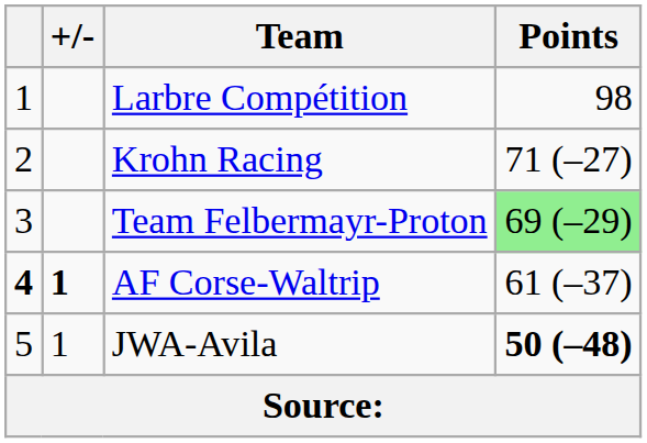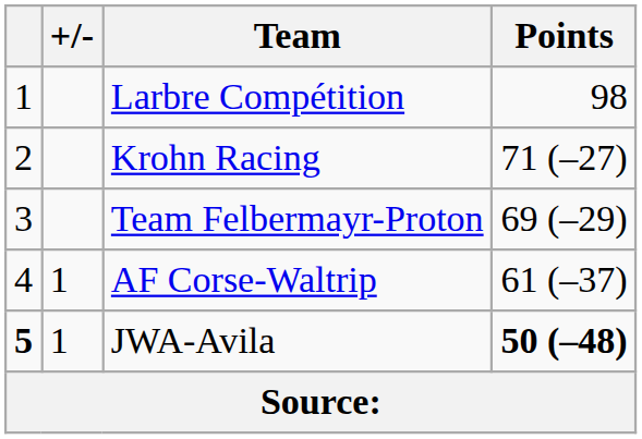 <table class="wikitable" style="font-size: 95%;">
 <tr>
 <th scope="col"></th>
 <th scope="col">+/-</th>
 <th scope="col">Team</th>
 <th scope="col">Points</th>
 </tr>
 <tr>
 <td align="center">1</td>
 <td align="left"></td>
 <td> <a href='#'>Larbre Compétition</a></td>
 <td align="right">98</td>
 </tr>
 <tr>
 <td align="center">2</td>
 <td align="left"></td>
 <td> <a href='#'>Krohn Racing</a></td>
 <td align="right">71 (–27)</td>
 </tr>
 <tr>
 <td align="center">3</td>
 <td align="left"></td>
 <td> <a href='#'>Team Felbermayr-Proton</a></td>
-<td align="right" style="background: lightgreen;">69 (–29)</td>
+<td align="right">69 (–29)</td>
 </tr>
 <tr>
-<td align="center"><strong>4</strong></td>
-<td align="left"><strong> 1</strong></td>
+<td align="center">4</td>
+<td align="left"> 1</td>
 <td> <a href='#'>AF Corse-Waltrip</a></td>
 <td align="right">61 (–37)</td>
 </tr>
 <tr>
-<td align="center">5</td>
+<td align="center"><strong>5</strong></td>
 <td align="left"> 1</td>
 <td> JWA-Avila</td>
 <td align="right"><strong>50 (–48)</strong></td>
 </tr>
 <tr>
 <th colspan="4">Source:</th>
 </tr>
 </table>
